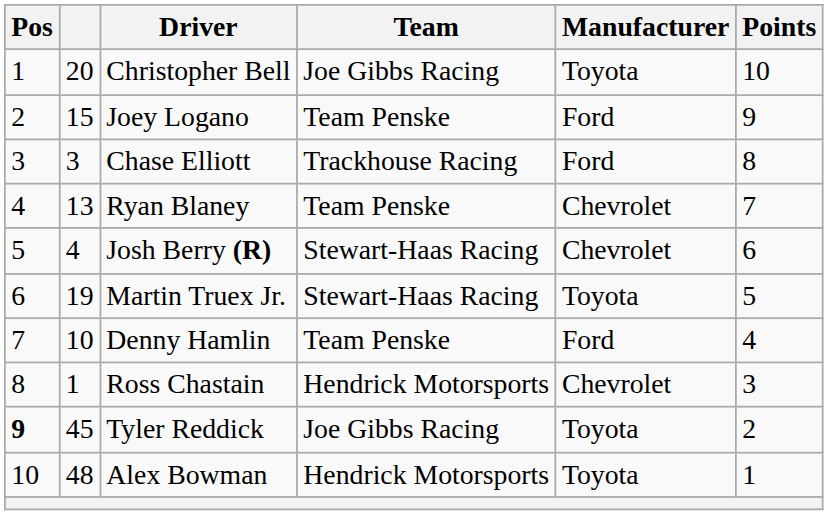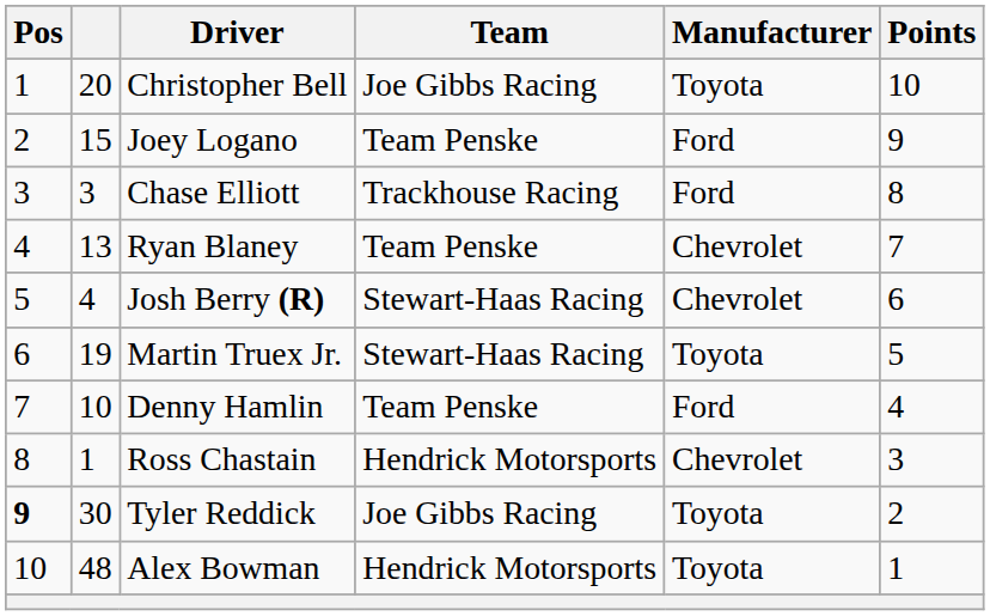 <table class="wikitable" style="font-size:98%">
 <tr>
 <th>Pos</th>
 <th></th>
 <th>Driver</th>
 <th>Team</th>
 <th>Manufacturer</th>
 <th>Points</th>
 </tr>
 <tr>
 <td>1</td>
 <td>20</td>
 <td>Christopher Bell</td>
 <td>Joe Gibbs Racing</td>
 <td>Toyota</td>
 <td>10</td>
 </tr>
 <tr>
 <td>2</td>
 <td>15</td>
 <td>Joey Logano</td>
 <td>Team Penske</td>
 <td>Ford</td>
 <td>9</td>
 </tr>
 <tr>
 <td>3</td>
 <td>3</td>
 <td>Chase Elliott</td>
 <td>Trackhouse Racing</td>
 <td>Ford</td>
 <td>8</td>
 </tr>
 <tr>
 <td>4</td>
 <td>13</td>
 <td>Ryan Blaney</td>
 <td>Team Penske</td>
 <td>Chevrolet</td>
 <td>7</td>
 </tr>
 <tr>
 <td>5</td>
 <td>4</td>
 <td>Josh Berry <strong>(R)</strong></td>
 <td>Stewart-Haas Racing</td>
 <td>Chevrolet</td>
 <td>6</td>
 </tr>
 <tr>
 <td>6</td>
 <td>19</td>
 <td>Martin Truex Jr.</td>
 <td>Stewart-Haas Racing</td>
 <td>Toyota</td>
 <td>5</td>
 </tr>
 <tr>
 <td>7</td>
 <td>10</td>
 <td>Denny Hamlin</td>
 <td>Team Penske</td>
 <td>Ford</td>
 <td>4</td>
 </tr>
 <tr>
 <td>8</td>
 <td>1</td>
 <td>Ross Chastain</td>
 <td>Hendrick Motorsports</td>
 <td>Chevrolet</td>
 <td>3</td>
 </tr>
 <tr>
 <td><strong>9</strong></td>
-<td>45</td>
+<td>30</td>
 <td>Tyler Reddick</td>
 <td>Joe Gibbs Racing</td>
 <td>Toyota</td>
 <td>2</td>
 </tr>
 <tr>
 <td>10</td>
 <td>48</td>
 <td>Alex Bowman</td>
 <td>Hendrick Motorsports</td>
 <td>Toyota</td>
 <td>1</td>
 </tr>
 <tr>
 <th colspan="6"></th>
 </tr>
 </table>
